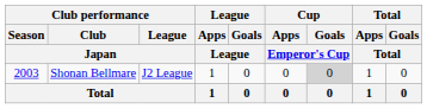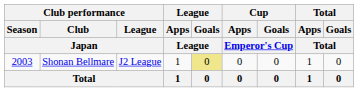 <table class="wikitable" style="text-align:center;">
 <tr>
 <th colspan=3>Club performance</th>
 <th colspan=2>League</th>
 <th colspan=2>Cup</th>
 <th colspan=2>Total</th>
 </tr>
 <tr>
 <th>Season</th>
 <th>Club</th>
 <th>League</th>
 <th>Apps</th>
 <th>Goals</th>
 <th>Apps</th>
 <th>Goals</th>
 <th>Apps</th>
 <th>Goals</th>
 </tr>
 <tr>
 <th colspan=3>Japan</th>
 <th colspan=2>League</th>
 <th colspan=2><a href='#'>Emperor's Cup</a></th>
 <th colspan=2>Total</th>
 </tr>
 <tr>
 <td><a href='#'>2003</a></td>
 <td><a href='#'>Shonan Bellmare</a></td>
 <td><a href='#'>J2 League</a></td>
 <td>1</td>
+<td style="background: khaki;">0</td>
 <td>0</td>
 <td>0</td>
-<td style="background: lightgrey;">0</td>
 <td>1</td>
 <td>0</td>
 </tr>
 <tr>
 <th colspan=3>Total</th>
 <th>1</th>
 <th>0</th>
 <th>0</th>
 <th>0</th>
 <th>1</th>
 <th>0</th>
 </tr>
 </table>
